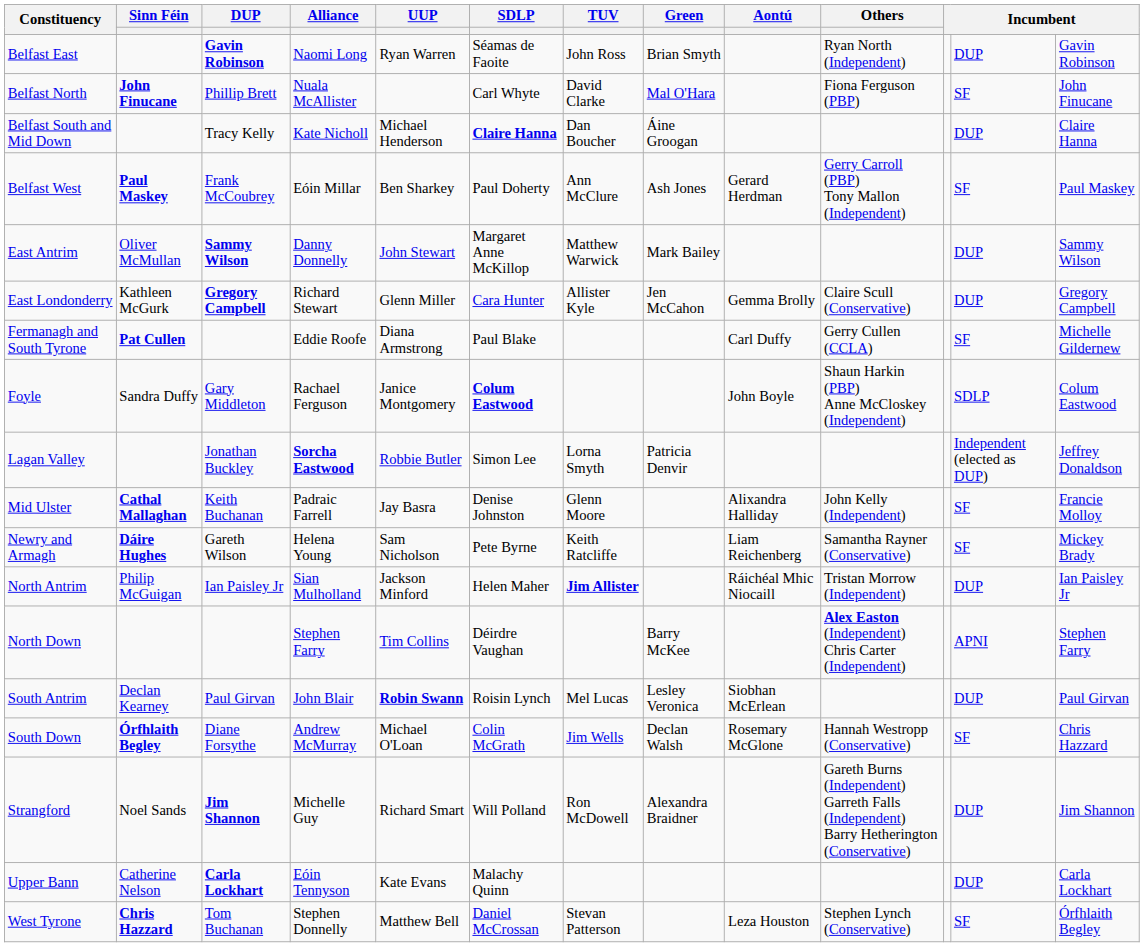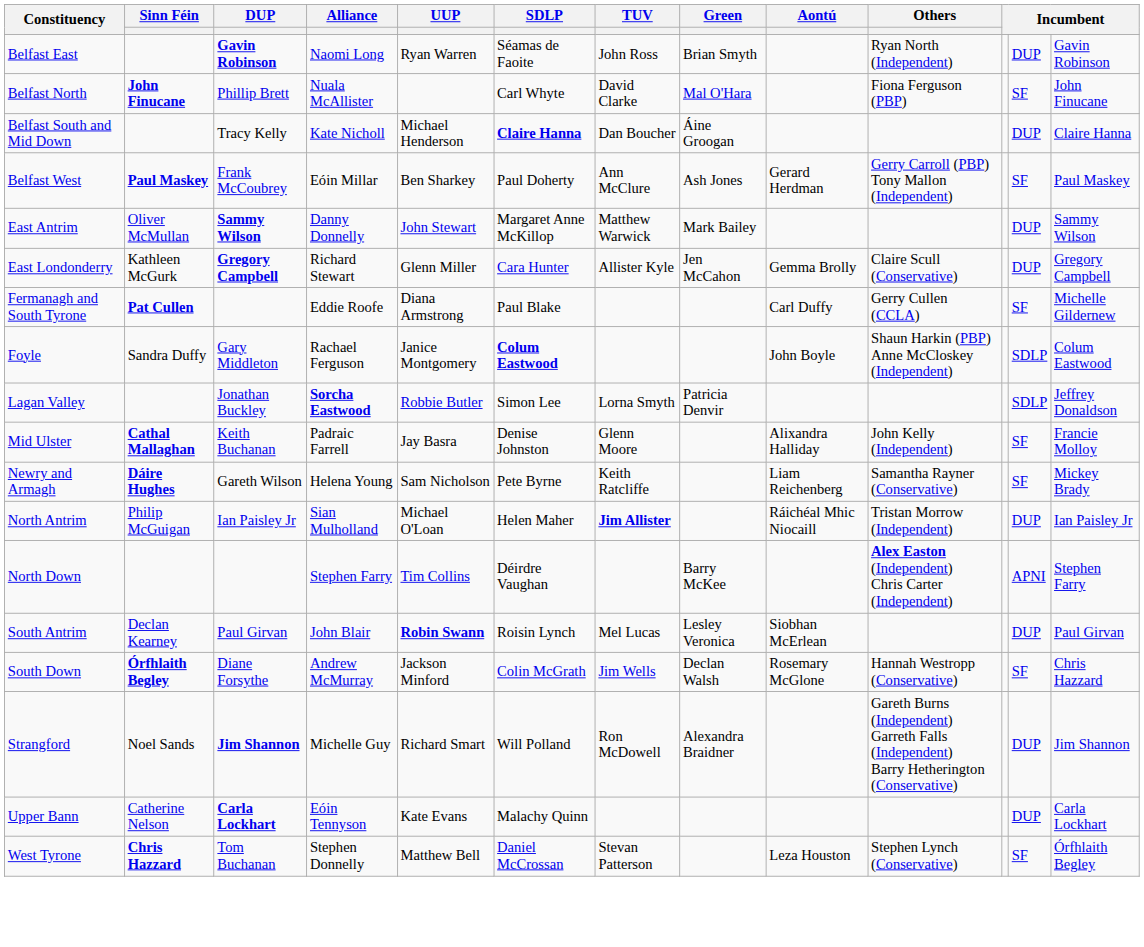 <table class="wikitable sortable sticky-header">
 <tr>
 <th rowspan=2>Constituency</th>
 <th><a href='#'>Sinn Féin</a></th>
 <th><a href='#'>DUP</a></th>
 <th><a href='#'>Alliance</a></th>
 <th><a href='#'>UUP</a></th>
 <th><a href='#'>SDLP</a></th>
 <th><a href='#'>TUV</a></th>
 <th><a href='#'>Green</a></th>
 <th><a href='#'>Aontú</a></th>
 <th>Others</th>
 <th rowspan="2" colspan="3">Incumbent</th>
 </tr>
 <tr>
 <th class="unsortable" style="background-color: "></th>
 <th class="unsortable" style="background-color: "></th>
 <th class="unsortable" style="background-color: "></th>
 <th class="unsortable" style="background-color: "></th>
 <th class="unsortable" style="background-color: "></th>
 <th class="unsortable" style="background-color: "></th>
 <th class="unsortable" style="background-color: "></th>
 <th class="unsortable" style="background-color: "></th>
 <th class="unsortable"></th>
 </tr>
 <tr>
 <td><a href='#'>Belfast East</a></td>
 <td></td>
 <td><strong><a href='#'>Gavin Robinson</a></strong></td>
 <td><a href='#'>Naomi Long</a></td>
 <td>Ryan Warren</td>
 <td>Séamas de Faoite</td>
 <td>John Ross</td>
 <td>Brian Smyth</td>
 <td></td>
 <td>Ryan North (<a href='#'>Independent</a>)</td>
 <td style="background-color: "></td>
 <td><a href='#'>DUP</a></td>
 <td><a href='#'>Gavin Robinson</a></td>
 </tr>
 <tr>
 <td><a href='#'>Belfast North</a></td>
 <td><strong><a href='#'>John Finucane</a></strong></td>
 <td><a href='#'>Phillip Brett</a></td>
 <td><a href='#'>Nuala McAllister</a></td>
 <td></td>
 <td>Carl Whyte</td>
 <td>David Clarke</td>
 <td><a href='#'>Mal O'Hara</a></td>
 <td></td>
 <td>Fiona Ferguson (<a href='#'>PBP</a>)</td>
 <td style="background-color: "></td>
 <td><a href='#'>SF</a></td>
 <td><a href='#'>John Finucane</a></td>
 </tr>
 <tr>
 <td><a href='#'>Belfast South and Mid Down</a></td>
 <td></td>
 <td>Tracy Kelly</td>
 <td><a href='#'>Kate Nicholl</a></td>
 <td>Michael Henderson</td>
 <td><strong><a href='#'>Claire Hanna</a></strong></td>
 <td>Dan Boucher</td>
 <td>Áine Groogan</td>
 <td></td>
 <td></td>
 <td style="background-color: "></td>
 <td><a href='#'>DUP</a></td>
 <td><a href='#'>Claire Hanna</a></td>
 </tr>
 <tr>
 <td><a href='#'>Belfast West</a></td>
 <td><strong><a href='#'>Paul Maskey</a></strong></td>
 <td><a href='#'>Frank McCoubrey</a></td>
 <td>Eóin Millar</td>
 <td>Ben Sharkey</td>
 <td>Paul Doherty</td>
 <td>Ann McClure</td>
 <td>Ash Jones</td>
 <td>Gerard Herdman</td>
 <td><a href='#'>Gerry Carroll</a> (<a href='#'>PBP</a>)<br>Tony Mallon (<a href='#'>Independent</a>)</td>
 <td style="background:"></td>
 <td><a href='#'>SF</a></td>
 <td><a href='#'>Paul Maskey</a></td>
 </tr>
 <tr>
 <td><a href='#'>East Antrim</a></td>
 <td><a href='#'>Oliver McMullan</a></td>
 <td><strong><a href='#'>Sammy Wilson</a></strong></td>
 <td><a href='#'>Danny Donnelly</a></td>
 <td><a href='#'>John Stewart</a></td>
 <td>Margaret Anne McKillop</td>
 <td>Matthew Warwick</td>
 <td>Mark Bailey</td>
 <td></td>
 <td></td>
 <td style="background:"></td>
 <td><a href='#'>DUP</a></td>
 <td><a href='#'>Sammy Wilson</a></td>
 </tr>
 <tr>
 <td><a href='#'>East Londonderry</a></td>
 <td>Kathleen McGurk</td>
 <td><strong><a href='#'>Gregory Campbell</a></strong></td>
 <td>Richard Stewart</td>
 <td>Glenn Miller</td>
 <td><a href='#'>Cara Hunter</a></td>
 <td>Allister Kyle</td>
 <td>Jen McCahon</td>
 <td>Gemma Brolly</td>
 <td>Claire Scull (<a href='#'>Conservative</a>)</td>
 <td style="background:"></td>
 <td><a href='#'>DUP</a></td>
 <td><a href='#'>Gregory Campbell</a></td>
 </tr>
 <tr>
 <td><a href='#'>Fermanagh and South Tyrone</a></td>
 <td><strong><a href='#'>Pat Cullen</a></strong></td>
 <td></td>
 <td>Eddie Roofe</td>
 <td>Diana Armstrong</td>
 <td>Paul Blake</td>
 <td></td>
 <td></td>
 <td>Carl Duffy</td>
 <td>Gerry Cullen (<a href='#'>CCLA</a>)</td>
 <td style="background:"></td>
 <td><a href='#'>SF</a></td>
 <td><a href='#'>Michelle Gildernew</a></td>
 </tr>
 <tr>
 <td><a href='#'>Foyle</a></td>
 <td>Sandra Duffy</td>
 <td><a href='#'>Gary Middleton</a></td>
 <td>Rachael Ferguson</td>
 <td>Janice Montgomery</td>
 <td><strong><a href='#'>Colum Eastwood</a></strong></td>
 <td></td>
 <td></td>
 <td>John Boyle</td>
 <td>Shaun Harkin (<a href='#'>PBP</a>)<br>Anne McCloskey (<a href='#'>Independent</a>)</td>
 <td style="background:"></td>
 <td><a href='#'>SDLP</a></td>
 <td><a href='#'>Colum Eastwood</a></td>
 </tr>
 <tr>
 <td><a href='#'>Lagan Valley</a></td>
 <td></td>
 <td><a href='#'>Jonathan Buckley</a></td>
 <td><strong><a href='#'>Sorcha Eastwood</a></strong></td>
 <td><a href='#'>Robbie Butler</a></td>
 <td>Simon Lee</td>
 <td>Lorna Smyth</td>
 <td>Patricia Denvir</td>
 <td></td>
 <td></td>
 <td style="background:"></td>
-<td><a href='#'>Independent</a> (elected as <a href='#'>DUP</a>)</td>
+<td><a href='#'>SDLP</a></td>
 <td><a href='#'>Jeffrey Donaldson</a></td>
 </tr>
 <tr>
 <td><a href='#'>Mid Ulster</a></td>
 <td><strong><a href='#'>Cathal Mallaghan</a></strong></td>
 <td><a href='#'>Keith Buchanan</a></td>
 <td>Padraic Farrell</td>
 <td>Jay Basra</td>
 <td>Denise Johnston</td>
 <td>Glenn Moore</td>
 <td></td>
 <td>Alixandra Halliday</td>
 <td>John Kelly (<a href='#'>Independent</a>)</td>
 <td style="background:"></td>
 <td><a href='#'>SF</a></td>
 <td><a href='#'>Francie Molloy</a></td>
 </tr>
 <tr>
 <td><a href='#'>Newry and Armagh</a></td>
 <td><strong><a href='#'>Dáire Hughes</a></strong></td>
 <td>Gareth Wilson</td>
 <td>Helena Young</td>
 <td>Sam Nicholson</td>
 <td>Pete Byrne</td>
 <td>Keith Ratcliffe</td>
 <td></td>
 <td>Liam Reichenberg</td>
 <td>Samantha Rayner (<a href='#'>Conservative</a>)</td>
 <td style="background:"></td>
 <td><a href='#'>SF</a></td>
 <td><a href='#'>Mickey Brady</a></td>
 </tr>
 <tr>
 <td><a href='#'>North Antrim</a></td>
 <td><a href='#'>Philip McGuigan</a></td>
 <td><a href='#'>Ian Paisley Jr</a></td>
 <td><a href='#'>Sian Mulholland</a></td>
-<td>Jackson Minford</td>
+<td>Michael O'Loan</td>
 <td>Helen Maher</td>
 <td><strong><a href='#'>Jim Allister</a></strong></td>
 <td></td>
 <td>Ráichéal Mhic Niocaill</td>
 <td>Tristan Morrow (<a href='#'>Independent</a>)</td>
 <td style="background:"></td>
 <td><a href='#'>DUP</a></td>
 <td><a href='#'>Ian Paisley Jr</a></td>
 </tr>
 <tr>
 <td><a href='#'>North Down</a></td>
 <td></td>
 <td></td>
 <td><a href='#'>Stephen Farry</a></td>
 <td><a href='#'>Tim Collins</a></td>
 <td>Déirdre Vaughan</td>
 <td></td>
 <td>Barry McKee</td>
 <td></td>
 <td><strong><a href='#'>Alex Easton</a></strong> (<a href='#'>Independent</a>)<br>Chris Carter (<a href='#'>Independent</a>)</td>
 <td style="background:"></td>
 <td><a href='#'>APNI</a></td>
 <td><a href='#'>Stephen Farry</a></td>
 </tr>
 <tr>
 <td><a href='#'>South Antrim</a></td>
 <td><a href='#'>Declan Kearney</a></td>
 <td><a href='#'>Paul Girvan</a></td>
 <td><a href='#'>John Blair</a></td>
 <td><strong><a href='#'>Robin Swann</a></strong></td>
 <td>Roisin Lynch</td>
 <td>Mel Lucas</td>
 <td>Lesley Veronica</td>
 <td>Siobhan McErlean</td>
 <td></td>
 <td style="background:"></td>
 <td><a href='#'>DUP</a></td>
 <td><a href='#'>Paul Girvan</a></td>
 </tr>
 <tr>
 <td><a href='#'>South Down</a></td>
 <td><strong><a href='#'>Órfhlaith Begley</a></strong></td>
 <td><a href='#'>Diane Forsythe</a></td>
 <td><a href='#'>Andrew McMurray</a></td>
-<td>Michael O'Loan</td>
+<td>Jackson Minford</td>
 <td><a href='#'>Colin McGrath</a></td>
 <td><a href='#'>Jim Wells</a></td>
 <td>Declan Walsh</td>
 <td>Rosemary McGlone</td>
 <td>Hannah Westropp (<a href='#'>Conservative</a>)</td>
 <td style="background:"></td>
 <td><a href='#'>SF</a></td>
 <td><a href='#'>Chris Hazzard</a></td>
 </tr>
 <tr>
 <td><a href='#'>Strangford</a></td>
 <td>Noel Sands</td>
 <td><strong><a href='#'>Jim Shannon</a></strong></td>
 <td>Michelle Guy</td>
 <td>Richard Smart</td>
 <td>Will Polland</td>
 <td>Ron McDowell</td>
 <td>Alexandra Braidner</td>
 <td></td>
 <td>Gareth Burns (<a href='#'>Independent</a>)<br>Garreth Falls (<a href='#'>Independent</a>)<br>Barry Hetherington (<a href='#'>Conservative</a>)</td>
 <td style="background:"></td>
 <td><a href='#'>DUP</a></td>
 <td><a href='#'>Jim Shannon</a></td>
 </tr>
 <tr>
 <td><a href='#'>Upper Bann</a></td>
 <td><a href='#'>Catherine Nelson</a></td>
 <td><strong><a href='#'>Carla Lockhart</a></strong></td>
 <td><a href='#'>Eóin Tennyson</a></td>
 <td>Kate Evans</td>
 <td>Malachy Quinn</td>
 <td></td>
 <td></td>
 <td></td>
 <td></td>
 <td style="background:"></td>
 <td><a href='#'>DUP</a></td>
 <td><a href='#'>Carla Lockhart</a></td>
 </tr>
 <tr>
 <td><a href='#'>West Tyrone</a></td>
 <td><strong><a href='#'>Chris Hazzard</a></strong></td>
 <td><a href='#'>Tom Buchanan</a></td>
 <td>Stephen Donnelly</td>
 <td>Matthew Bell</td>
 <td><a href='#'>Daniel McCrossan</a></td>
 <td>Stevan Patterson</td>
 <td></td>
 <td>Leza Houston</td>
 <td>Stephen Lynch (<a href='#'>Conservative</a>)</td>
 <td style="background:"></td>
 <td><a href='#'>SF</a></td>
 <td><a href='#'>Órfhlaith Begley</a></td>
 </tr>
 </table>
